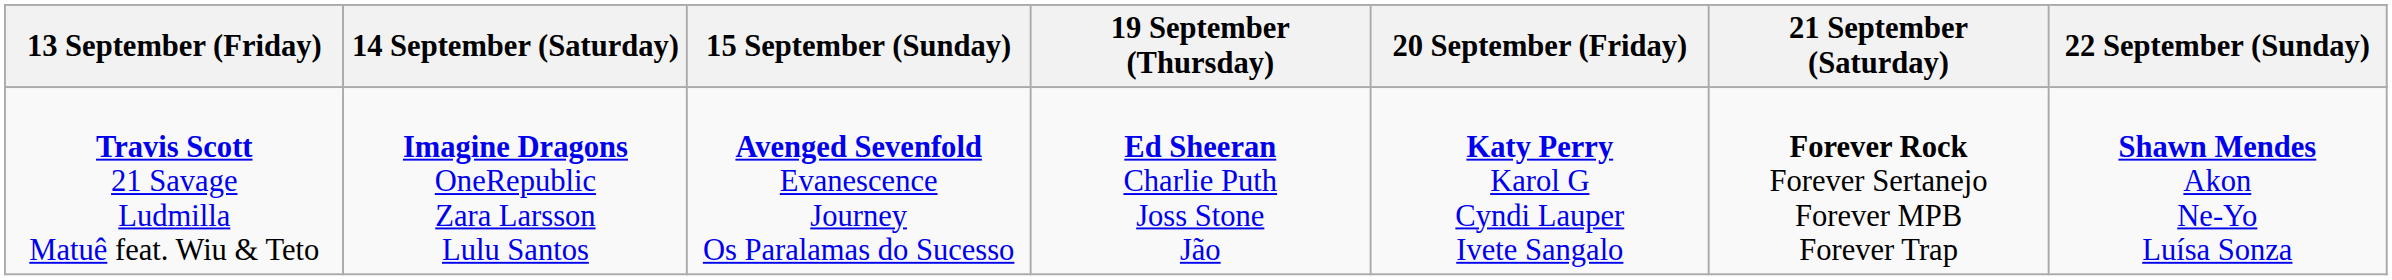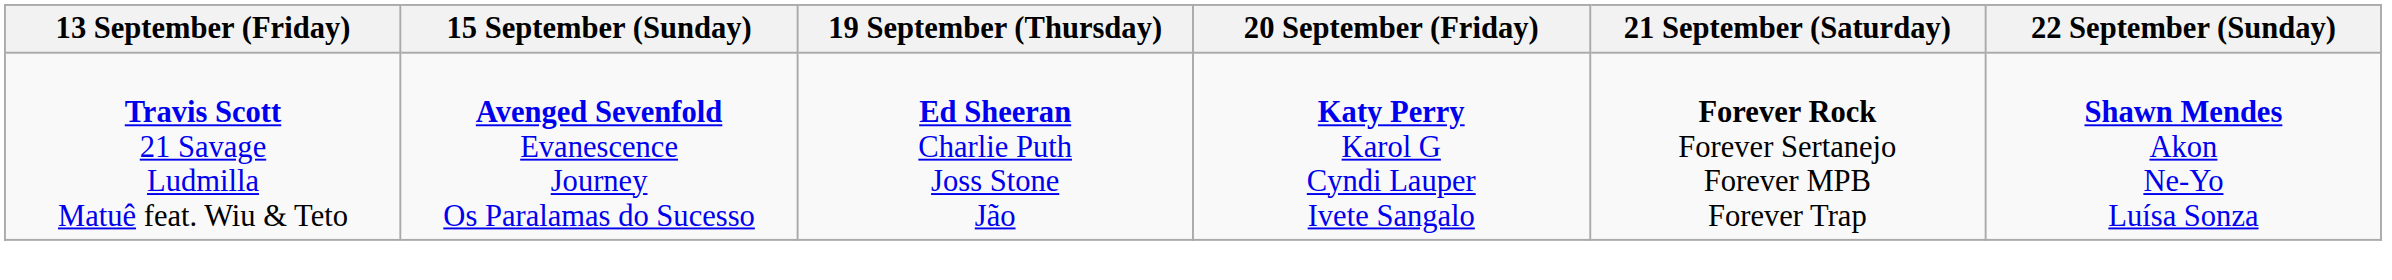 <table class="wikitable">
 <tr>
 <th>13 September (Friday)</th>
-<th>14 September (Saturday)</th>
 <th>15 September (Sunday)</th>
 <th>19 September (Thursday)</th>
 <th>20 September (Friday)</th>
 <th>21 September (Saturday)</th>
 <th>22 September (Sunday)</th>
 </tr>
 <tr>
 <td style="text-align:center; vertical-align:top; width:200px;"><br><strong><a href='#'>Travis Scott</a></strong><br> <a href='#'>21 Savage</a><br> <a href='#'>Ludmilla</a><br> <a href='#'>Matuê</a> feat. Wiu & Teto</td>
-<td style="text-align:center; vertical-align:top; width:200px;"><br><strong><a href='#'>Imagine Dragons</a></strong><br> <a href='#'>OneRepublic</a><br> <a href='#'>Zara Larsson</a><br> <a href='#'>Lulu Santos</a></td>
 <td style="text-align:center; vertical-align:top; width:200px;"><br><strong><a href='#'>Avenged Sevenfold</a></strong><br> <a href='#'>Evanescence</a><br> <a href='#'>Journey</a><br> <a href='#'>Os Paralamas do Sucesso</a></td>
 <td style="text-align:center; vertical-align:top; width:200px;"><br><strong><a href='#'>Ed Sheeran</a></strong><br> <a href='#'>Charlie Puth</a><br> <a href='#'>Joss Stone</a><br> <a href='#'>Jão</a></td>
 <td style="text-align:center; vertical-align:top; width:200px;"><br><strong><a href='#'>Katy Perry</a></strong><br> <a href='#'>Karol G</a><br> <a href='#'>Cyndi Lauper</a><br> <a href='#'>Ivete Sangalo</a></td>
 <td style="text-align:center; vertical-align:top; width:200px;"><br><strong>Forever Rock</strong><br> Forever Sertanejo<br> Forever MPB<br> Forever Trap</td>
 <td style="text-align:center; vertical-align:top; width:200px;"><br><strong><a href='#'>Shawn Mendes</a></strong><br> <a href='#'>Akon</a><br> <a href='#'>Ne-Yo</a><br> <a href='#'>Luísa Sonza</a></td>
 </tr>
 </table>
